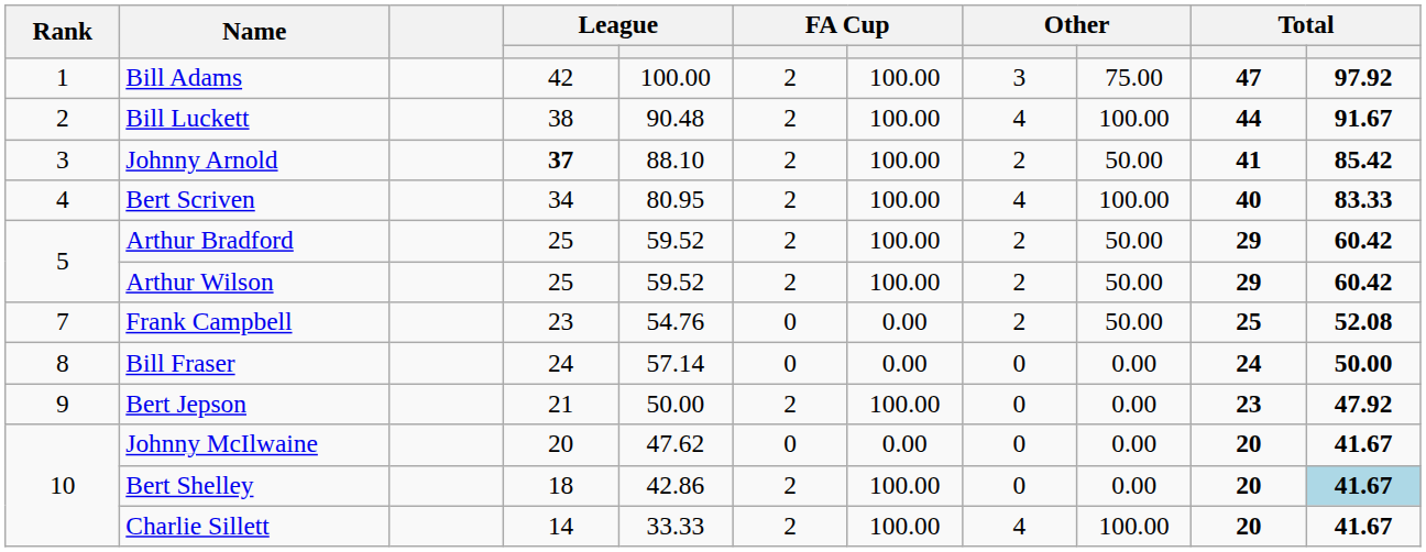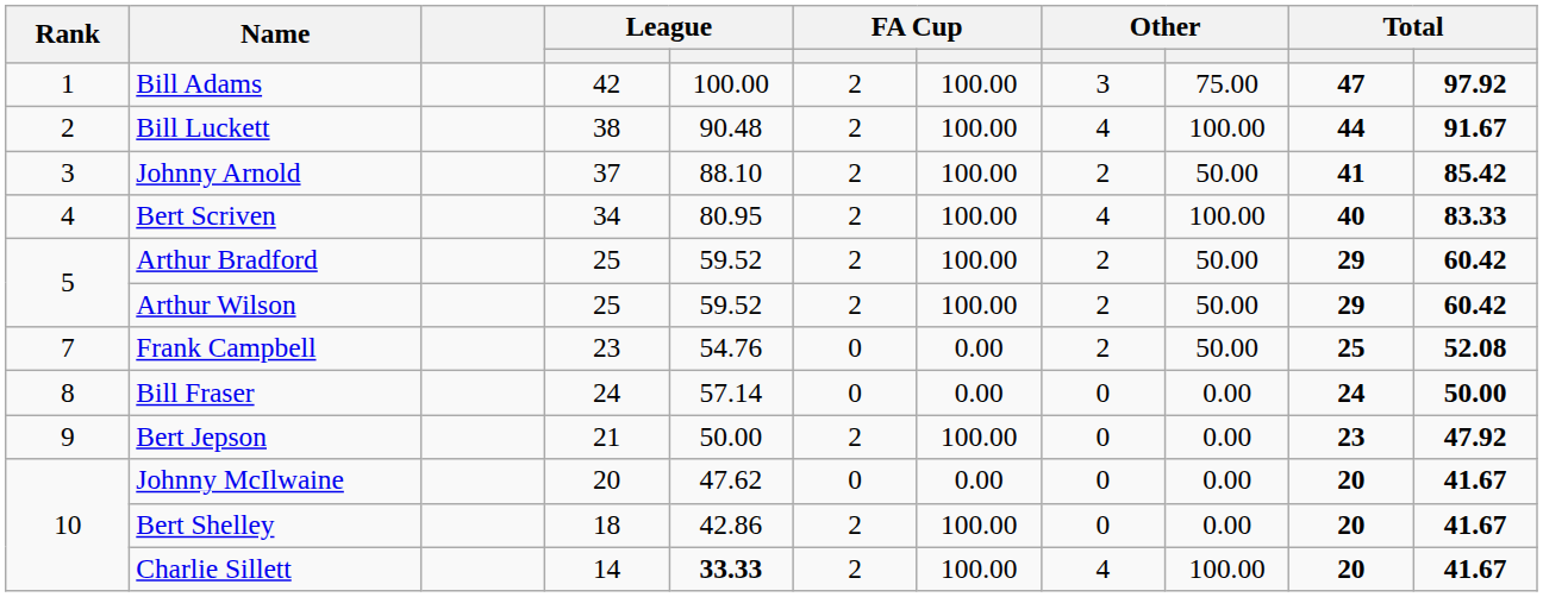 <table class="wikitable plainrowheaders" style="text-align:center;">
 <tr>
 <th scope="col" rowspan="2" style="width:4em;">Rank</th>
 <th scope="col" rowspan="2" style="width:10em;">Name</th>
 <th scope="col" rowspan="2" style="width:4em;"></th>
 <th scope="col" colspan="2">League</th>
 <th scope="col" colspan="2">FA Cup</th>
 <th scope="col" colspan="2">Other</th>
 <th scope="col" colspan="2">Total</th>
 </tr>
 <tr>
 <th scope="col" style="width:4em;"></th>
 <th scope="col" style="width:4em;"></th>
 <th scope="col" style="width:4em;"></th>
 <th scope="col" style="width:4em;"></th>
 <th scope="col" style="width:4em;"></th>
 <th scope="col" style="width:4em;"></th>
 <th scope="col" style="width:4em;"></th>
 <th scope="col" style="width:4em;"></th>
 </tr>
 <tr>
 <td>1</td>
 <td align="left"><a href='#'>Bill Adams</a></td>
 <td></td>
 <td>42</td>
 <td>100.00</td>
 <td>2</td>
 <td>100.00</td>
 <td>3</td>
 <td>75.00</td>
 <td><strong>47</strong></td>
 <td><strong>97.92</strong></td>
 </tr>
 <tr>
 <td>2</td>
 <td align="left"><a href='#'>Bill Luckett</a></td>
 <td></td>
 <td>38</td>
 <td>90.48</td>
 <td>2</td>
 <td>100.00</td>
 <td>4</td>
 <td>100.00</td>
 <td><strong>44</strong></td>
 <td><strong>91.67</strong></td>
 </tr>
 <tr>
 <td>3</td>
 <td align="left"><a href='#'>Johnny Arnold</a></td>
 <td></td>
-<td><strong>37</strong></td>
+<td>37</td>
 <td>88.10</td>
 <td>2</td>
 <td>100.00</td>
 <td>2</td>
 <td>50.00</td>
 <td><strong>41</strong></td>
 <td><strong>85.42</strong></td>
 </tr>
 <tr>
 <td>4</td>
 <td align="left"><a href='#'>Bert Scriven</a></td>
 <td></td>
 <td>34</td>
 <td>80.95</td>
 <td>2</td>
 <td>100.00</td>
 <td>4</td>
 <td>100.00</td>
 <td><strong>40</strong></td>
 <td><strong>83.33</strong></td>
 </tr>
 <tr>
 <td rowspan="2">5</td>
 <td align="left"><a href='#'>Arthur Bradford</a></td>
 <td></td>
 <td>25</td>
 <td>59.52</td>
 <td>2</td>
 <td>100.00</td>
 <td>2</td>
 <td>50.00</td>
 <td><strong>29</strong></td>
 <td><strong>60.42</strong></td>
 </tr>
 <tr>
 <td align="left"><a href='#'>Arthur Wilson</a></td>
 <td></td>
 <td>25</td>
 <td>59.52</td>
 <td>2</td>
 <td>100.00</td>
 <td>2</td>
 <td>50.00</td>
 <td><strong>29</strong></td>
 <td><strong>60.42</strong></td>
 </tr>
 <tr>
 <td>7</td>
 <td align="left"><a href='#'>Frank Campbell</a></td>
 <td></td>
 <td>23</td>
 <td>54.76</td>
 <td>0</td>
 <td>0.00</td>
 <td>2</td>
 <td>50.00</td>
 <td><strong>25</strong></td>
 <td><strong>52.08</strong></td>
 </tr>
 <tr>
 <td>8</td>
 <td align="left"><a href='#'>Bill Fraser</a></td>
 <td></td>
 <td>24</td>
 <td>57.14</td>
 <td>0</td>
 <td>0.00</td>
 <td>0</td>
 <td>0.00</td>
 <td><strong>24</strong></td>
 <td><strong>50.00</strong></td>
 </tr>
 <tr>
 <td>9</td>
 <td align="left"><a href='#'>Bert Jepson</a></td>
 <td></td>
 <td>21</td>
 <td>50.00</td>
 <td>2</td>
 <td>100.00</td>
 <td>0</td>
 <td>0.00</td>
 <td><strong>23</strong></td>
 <td><strong>47.92</strong></td>
 </tr>
 <tr>
 <td rowspan="3">10</td>
 <td align="left"><a href='#'>Johnny McIlwaine</a></td>
 <td></td>
 <td>20</td>
 <td>47.62</td>
 <td>0</td>
 <td>0.00</td>
 <td>0</td>
 <td>0.00</td>
 <td><strong>20</strong></td>
 <td><strong>41.67</strong></td>
 </tr>
 <tr>
 <td align="left"><a href='#'>Bert Shelley</a></td>
 <td></td>
 <td>18</td>
 <td>42.86</td>
 <td>2</td>
 <td>100.00</td>
 <td>0</td>
 <td>0.00</td>
 <td><strong>20</strong></td>
-<td style="background: lightblue;"><strong>41.67</strong></td>
+<td><strong>41.67</strong></td>
 </tr>
 <tr>
 <td align="left"><a href='#'>Charlie Sillett</a></td>
 <td></td>
 <td>14</td>
-<td>33.33</td>
+<td><strong>33.33</strong></td>
 <td>2</td>
 <td>100.00</td>
 <td>4</td>
 <td>100.00</td>
 <td><strong>20</strong></td>
 <td><strong>41.67</strong></td>
 </tr>
 </table>
